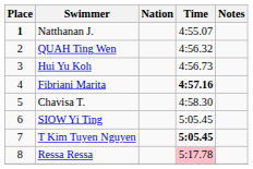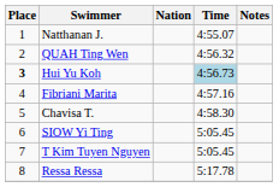 <table class="wikitable sortable" style="text-align:center">
 <tr>
 <th>Place</th>
 <th>Swimmer</th>
 <th>Nation</th>
 <th>Time</th>
 <th>Notes</th>
 </tr>
 <tr>
-<td><strong>1</strong></td>
+<td>1</td>
 <td align=left>Natthanan J.</td>
 <td align=left></td>
 <td>4:55.07</td>
 <td></td>
 </tr>
 <tr>
 <td>2</td>
 <td align=left><a href='#'>QUAH Ting Wen</a></td>
 <td align=left></td>
 <td>4:56.32</td>
 <td></td>
 </tr>
 <tr>
-<td>3</td>
+<td><strong>3</strong></td>
 <td align=left><a href='#'>Hui Yu Koh</a></td>
 <td align=left></td>
-<td>4:56.73</td>
+<td style="background: lightblue;">4:56.73</td>
 <td></td>
 </tr>
 <tr>
 <td>4</td>
 <td align=left><a href='#'>Fibriani Marita</a></td>
 <td align=left></td>
-<td><strong>4:57.16</strong></td>
+<td>4:57.16</td>
 <td></td>
 </tr>
 <tr>
 <td>5</td>
 <td align=left>Chavisa T.</td>
 <td align=left></td>
 <td>4:58.30</td>
 <td></td>
 </tr>
 <tr>
 <td>6</td>
 <td align=left><a href='#'>SIOW Yi Ting</a></td>
 <td align=left></td>
 <td>5:05.45</td>
 <td></td>
 </tr>
 <tr>
 <td>7</td>
 <td align=left><a href='#'>T Kim Tuyen Nguyen</a></td>
 <td align=left></td>
-<td><strong>5:05.45</strong></td>
+<td>5:05.45</td>
 <td></td>
 </tr>
 <tr>
 <td>8</td>
 <td align=left><a href='#'>Ressa Ressa</a></td>
 <td align=left></td>
-<td style="background: pink;">5:17.78</td>
+<td>5:17.78</td>
 <td></td>
 </tr>
 <tr>
 </tr>
 </table>
